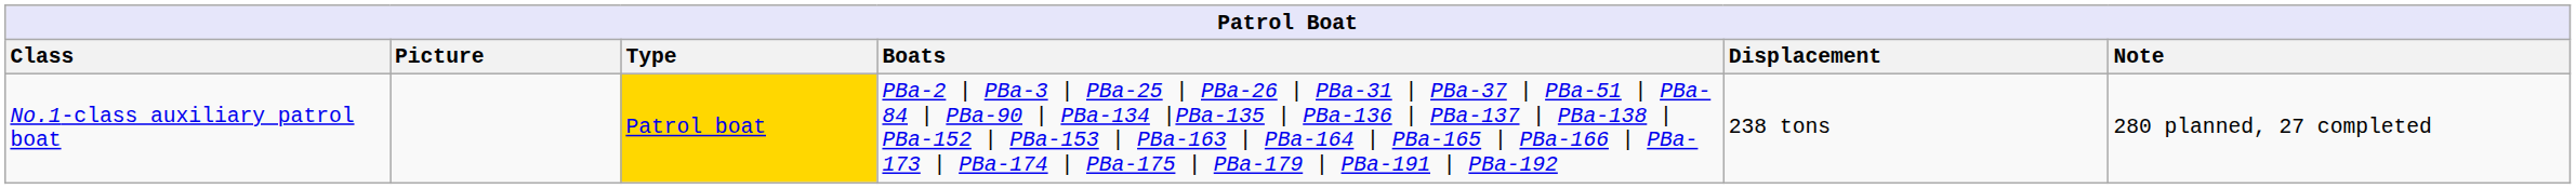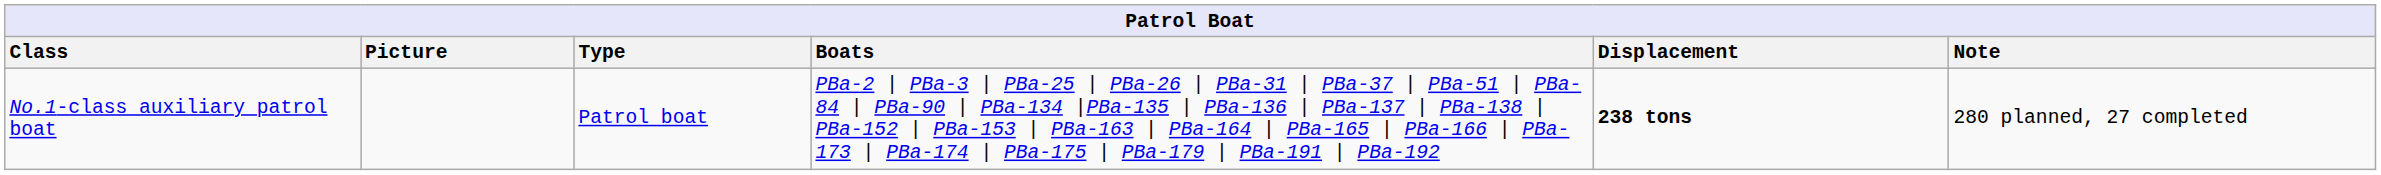 <table class="wikitable ">
 <tr>
 <th colspan="6" style="background: lavender;">Patrol Boat</th>
 </tr>
 <tr>
 <th style="text-align:left; width:15%;">Class</th>
 <th style="text-align:left; width:9%;">Picture</th>
 <th style="text-align:left; width:10%;">Type</th>
 <th style="text-align:left; width:33%;">Boats</th>
 <th style="text-align:left; width:15%;">Displacement</th>
 <th style="text-align:left; width:20%;">Note</th>
 </tr>
 <tr>
 <td><a href='#'><em>No.1</em>-class auxiliary patrol boat</a></td>
 <td></td>
-<td style="background: gold;"><a href='#'>Patrol boat</a></td>
+<td><a href='#'>Patrol boat</a></td>
 <td><em><a href='#'>PBa-2</a></em>  | <em><a href='#'>PBa-3</a></em>  | <em><a href='#'>PBa-25</a></em>  | <em><a href='#'>PBa-26</a></em>  | <em><a href='#'>PBa-31</a></em>  | <em><a href='#'>PBa-37</a></em>  | <em><a href='#'>PBa-51</a></em>  | <em><a href='#'>PBa-84</a></em>  | <em><a href='#'>PBa-90</a></em>  | <em><a href='#'>PBa-134</a></em> |<em><a href='#'>PBa-135</a></em>  | <em><a href='#'>PBa-136</a></em>  | <em><a href='#'>PBa-137</a></em>  | <em><a href='#'>PBa-138</a></em>  | <em><a href='#'>PBa-152</a></em>  | <em><a href='#'>PBa-153</a></em>  | <em><a href='#'>PBa-163</a></em>  | <em><a href='#'>PBa-164</a></em>  | <em><a href='#'>PBa-165</a></em>  | <em><a href='#'>PBa-166</a></em>  | <em><a href='#'>PBa-173</a></em>  | <em><a href='#'>PBa-174</a></em>  | <em><a href='#'>PBa-175</a></em>  | <em><a href='#'>PBa-179</a></em>  | <em><a href='#'>PBa-191</a></em>  | <em><a href='#'>PBa-192</a></em></td>
-<td>238 tons</td>
+<td><strong>238 tons</strong></td>
 <td>280 planned, 27 completed</td>
 </tr>
 </table>
